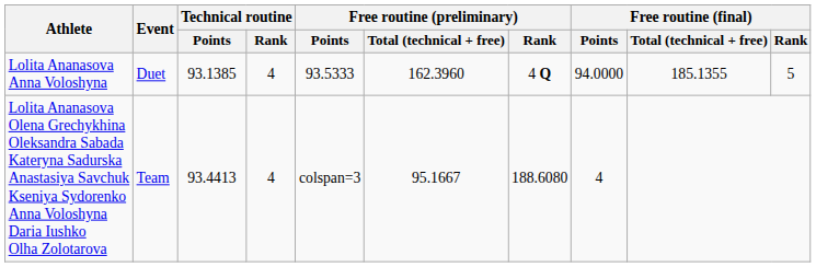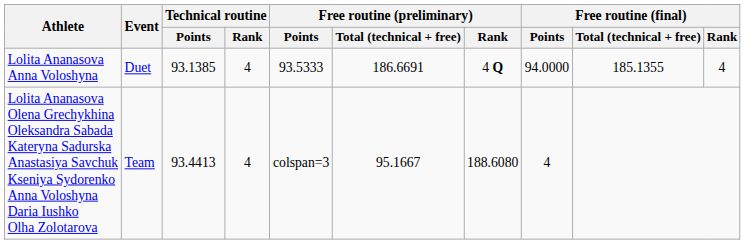 <table class="wikitable" style="font-size:90%">
 <tr>
 <th rowspan="2">Athlete</th>
 <th rowspan="2">Event</th>
 <th colspan=2>Technical routine</th>
 <th colspan=3>Free routine (preliminary)</th>
 <th colspan=3>Free routine (final)</th>
 </tr>
 <tr style="font-size:95%">
 <th>Points</th>
 <th>Rank</th>
 <th>Points</th>
 <th>Total (technical + free)</th>
 <th>Rank</th>
 <th>Points</th>
 <th>Total (technical + free)</th>
 <th>Rank</th>
 </tr>
 <tr align=center>
 <td align=left><a href='#'>Lolita Ananasova</a><br><a href='#'>Anna Voloshyna</a></td>
 <td align=left><a href='#'>Duet</a></td>
 <td>93.1385</td>
 <td>4</td>
 <td>93.5333</td>
-<td>162.3960</td>
+<td>186.6691</td>
 <td>4 <strong>Q</strong></td>
 <td>94.0000</td>
 <td>185.1355</td>
-<td>5</td>
+<td>4</td>
 </tr>
 <tr align=center>
 <td align=left><a href='#'>Lolita Ananasova</a><br><a href='#'>Olena Grechykhina</a><br><a href='#'>Oleksandra Sabada</a><br><a href='#'>Kateryna Sadurska</a><br><a href='#'>Anastasiya Savchuk</a><br><a href='#'>Kseniya Sydorenko</a><br><a href='#'>Anna Voloshyna</a><br><a href='#'>Daria Iushko</a><br><a href='#'>Olha Zolotarova</a></td>
 <td align=left><a href='#'>Team</a></td>
 <td>93.4413</td>
 <td>4</td>
 <td>colspan=3 </td>
 <td>95.1667</td>
 <td>188.6080</td>
 <td>4</td>
 </tr>
 </table>
